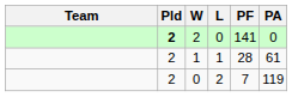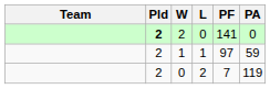 <table class="wikitable" style="text-align:center;">
 <tr>
 <th width=175>Team</th>
 <th width=20 abbr="Played">Pld</th>
 <th width=20 abbr="Won">W</th>
 <th width=20 abbr="Lost">L</th>
 <th width=20 abbr="Goals for">PF</th>
 <th width=20 abbr="Goals against">PA<br></th>
 </tr>
 <tr bgcolor=#ccffcc>
 <td style="text-align:left;"></td>
 <td><strong>2</strong></td>
 <td>2</td>
 <td>0</td>
 <td>141</td>
 <td>0</td>
 </tr>
 <tr>
 <td style="text-align:left;"></td>
 <td>2</td>
 <td>1</td>
 <td>1</td>
-<td>28</td>
-<td>61</td>
+<td>97</td>
+<td>59</td>
 </tr>
 <tr>
 <td style="text-align:left;"></td>
 <td>2</td>
 <td>0</td>
 <td>2</td>
 <td>7</td>
 <td>119</td>
 </tr>
 </table>
